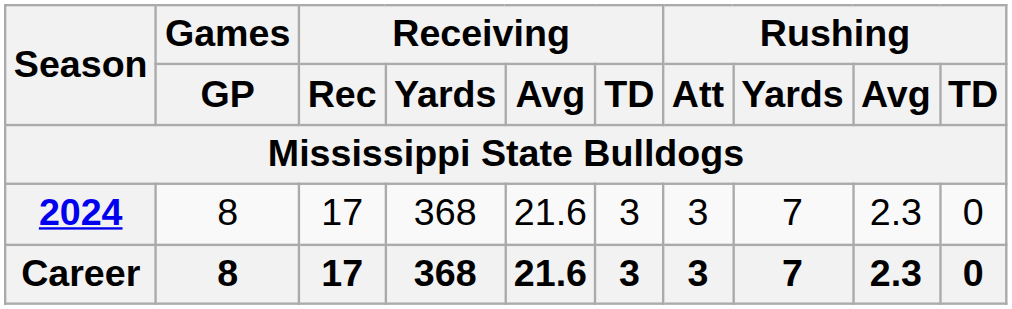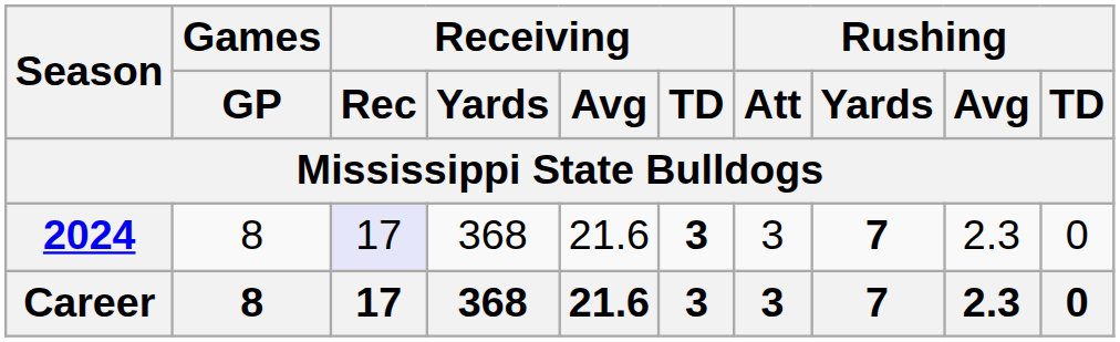 <table class="wikitable" style="text-align:center;">
 <tr>
 <th rowspan="2">Season</th>
 <th>Games</th>
 <th colspan="4">Receiving</th>
 <th colspan="4">Rushing</th>
 </tr>
 <tr>
 <th>GP</th>
 <th>Rec</th>
 <th>Yards</th>
 <th>Avg</th>
 <th>TD</th>
 <th>Att</th>
 <th>Yards</th>
 <th>Avg</th>
 <th>TD</th>
 </tr>
 <tr>
 <th colspan="11">Mississippi State Bulldogs</th>
 </tr>
 <tr>
 <th><a href='#'>2024</a></th>
 <td>8</td>
-<td>17</td>
+<td style="background: lavender;">17</td>
 <td>368</td>
 <td>21.6</td>
+<td><strong>3</strong></td>
 <td>3</td>
-<td>3</td>
-<td>7</td>
+<td><strong>7</strong></td>
 <td>2.3</td>
 <td>0</td>
 </tr>
 <tr>
 <th>Career</th>
 <th>8</th>
 <th>17</th>
 <th>368</th>
 <th>21.6</th>
 <th>3</th>
 <th>3</th>
 <th>7</th>
 <th>2.3</th>
 <th>0</th>
 </tr>
 </table>
